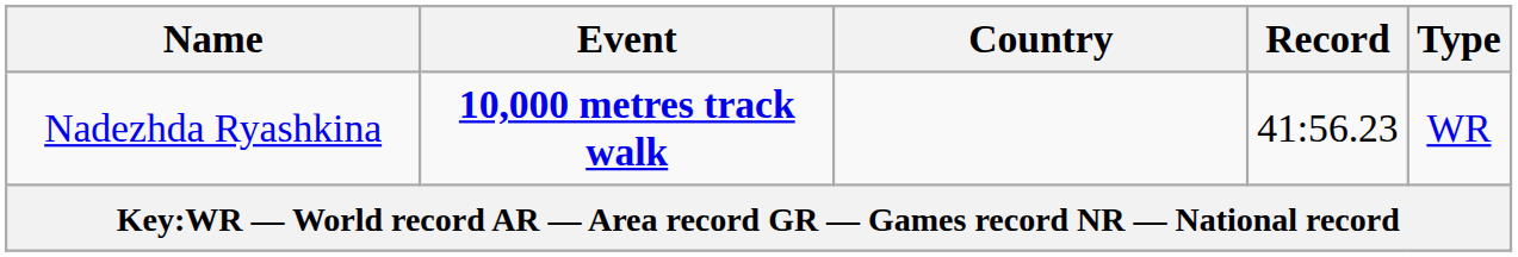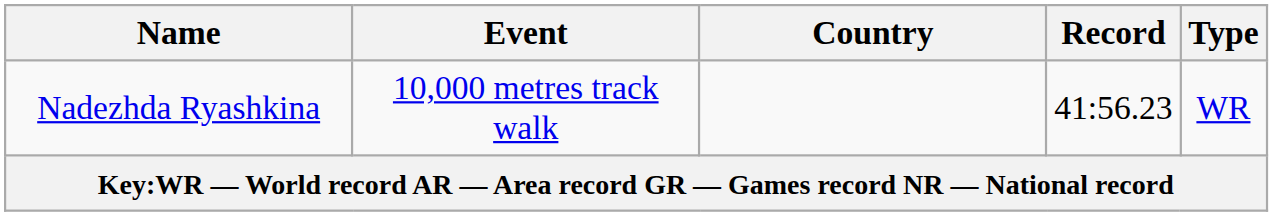 <table class="wikitable" style="text-align: center; font-size:95%">
 <tr>
 <th width="150">Name</th>
 <th width="150">Event</th>
 <th width="150">Country</th>
 <th width="50">Record</th>
 <th width="25">Type</th>
 </tr>
 <tr>
 <td><a href='#'>Nadezhda Ryashkina</a></td>
-<td><strong><a href='#'>10,000 metres track walk</a></strong></td>
+<td><a href='#'>10,000 metres track walk</a></td>
 <td></td>
 <td>41:56.23</td>
 <td><a href='#'>WR</a></td>
 </tr>
 <tr>
 <th colspan=5><small>Key:WR — World record  AR — Area record  GR — Games record  NR — National record</small></th>
 </tr>
 </table>
